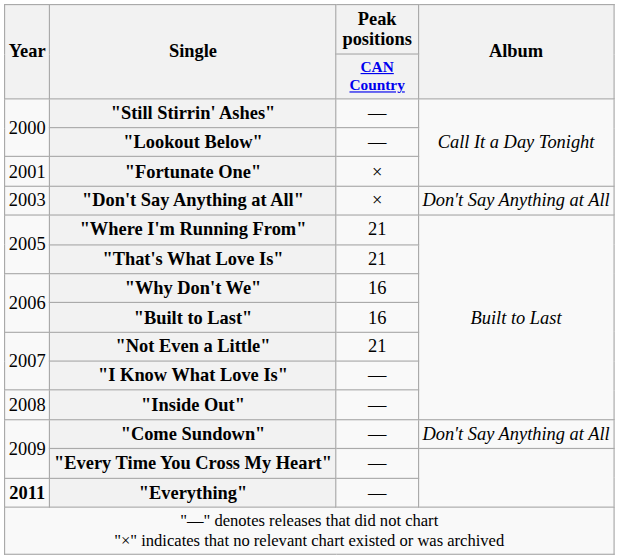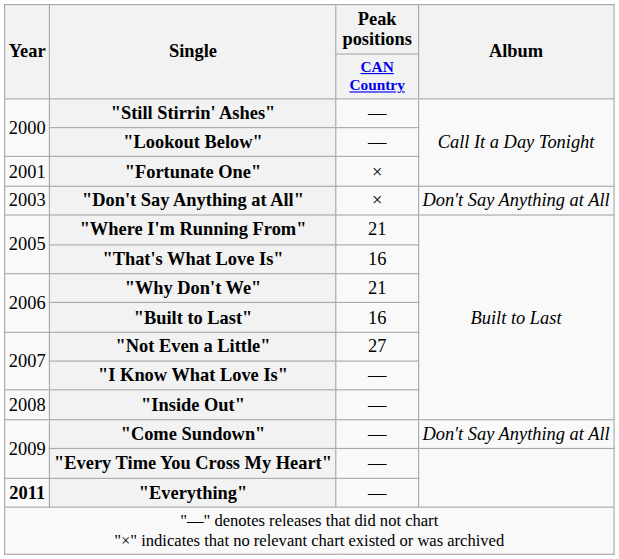 <table class="wikitable plainrowheaders" style="text-align:center;">
 <tr>
 <th rowspan="2">Year</th>
 <th rowspan="2">Single</th>
 <th>Peak positions</th>
 <th rowspan="2">Album</th>
 </tr>
 <tr style="font-size:smaller;">
 <th width="65"><a href='#'>CAN Country</a><br></th>
 </tr>
 <tr>
 <td rowspan="2">2000</td>
 <th scope="row">"Still Stirrin' Ashes"</th>
 <td>—</td>
 <td rowspan="3"><em>Call It a Day Tonight</em></td>
 </tr>
 <tr>
 <th scope="row">"Lookout Below"</th>
 <td>—</td>
 </tr>
 <tr>
 <td>2001</td>
 <th scope="row">"Fortunate One"</th>
 <td>×</td>
 </tr>
 <tr>
 <td>2003</td>
 <th scope="row">"Don't Say Anything at All"</th>
 <td>×</td>
 <td><em>Don't Say Anything at All</em></td>
 </tr>
 <tr>
 <td rowspan="2">2005</td>
 <th scope="row">"Where I'm Running From"</th>
 <td>21</td>
 <td rowspan="7"><em>Built to Last</em></td>
 </tr>
 <tr>
 <th scope="row">"That's What Love Is"</th>
-<td>21</td>
+<td>16</td>
 </tr>
 <tr>
 <td rowspan="2">2006</td>
 <th scope="row">"Why Don't We"</th>
-<td>16</td>
+<td>21</td>
 </tr>
 <tr>
 <th scope="row">"Built to Last"</th>
 <td>16</td>
 </tr>
 <tr>
 <td rowspan="2">2007</td>
 <th scope="row">"Not Even a Little"</th>
-<td>21</td>
+<td>27</td>
 </tr>
 <tr>
 <th scope="row">"I Know What Love Is"</th>
 <td>—</td>
 </tr>
 <tr>
 <td>2008</td>
 <th scope="row">"Inside Out"</th>
 <td>—</td>
 </tr>
 <tr>
 <td rowspan="2">2009</td>
 <th scope="row">"Come Sundown"</th>
 <td>—</td>
 <td><em>Don't Say Anything at All</em></td>
 </tr>
 <tr>
 <th scope="row">"Every Time You Cross My Heart"</th>
 <td>—</td>
 </tr>
 <tr>
 <td><strong>2011</strong></td>
 <th scope="row">"Everything"</th>
 <td>—</td>
 </tr>
 <tr>
 <td colspan="4" style="font-size:90%">"—" denotes releases that did not chart<br>"×" indicates that no relevant chart existed or was archived</td>
 </tr>
 </table>
